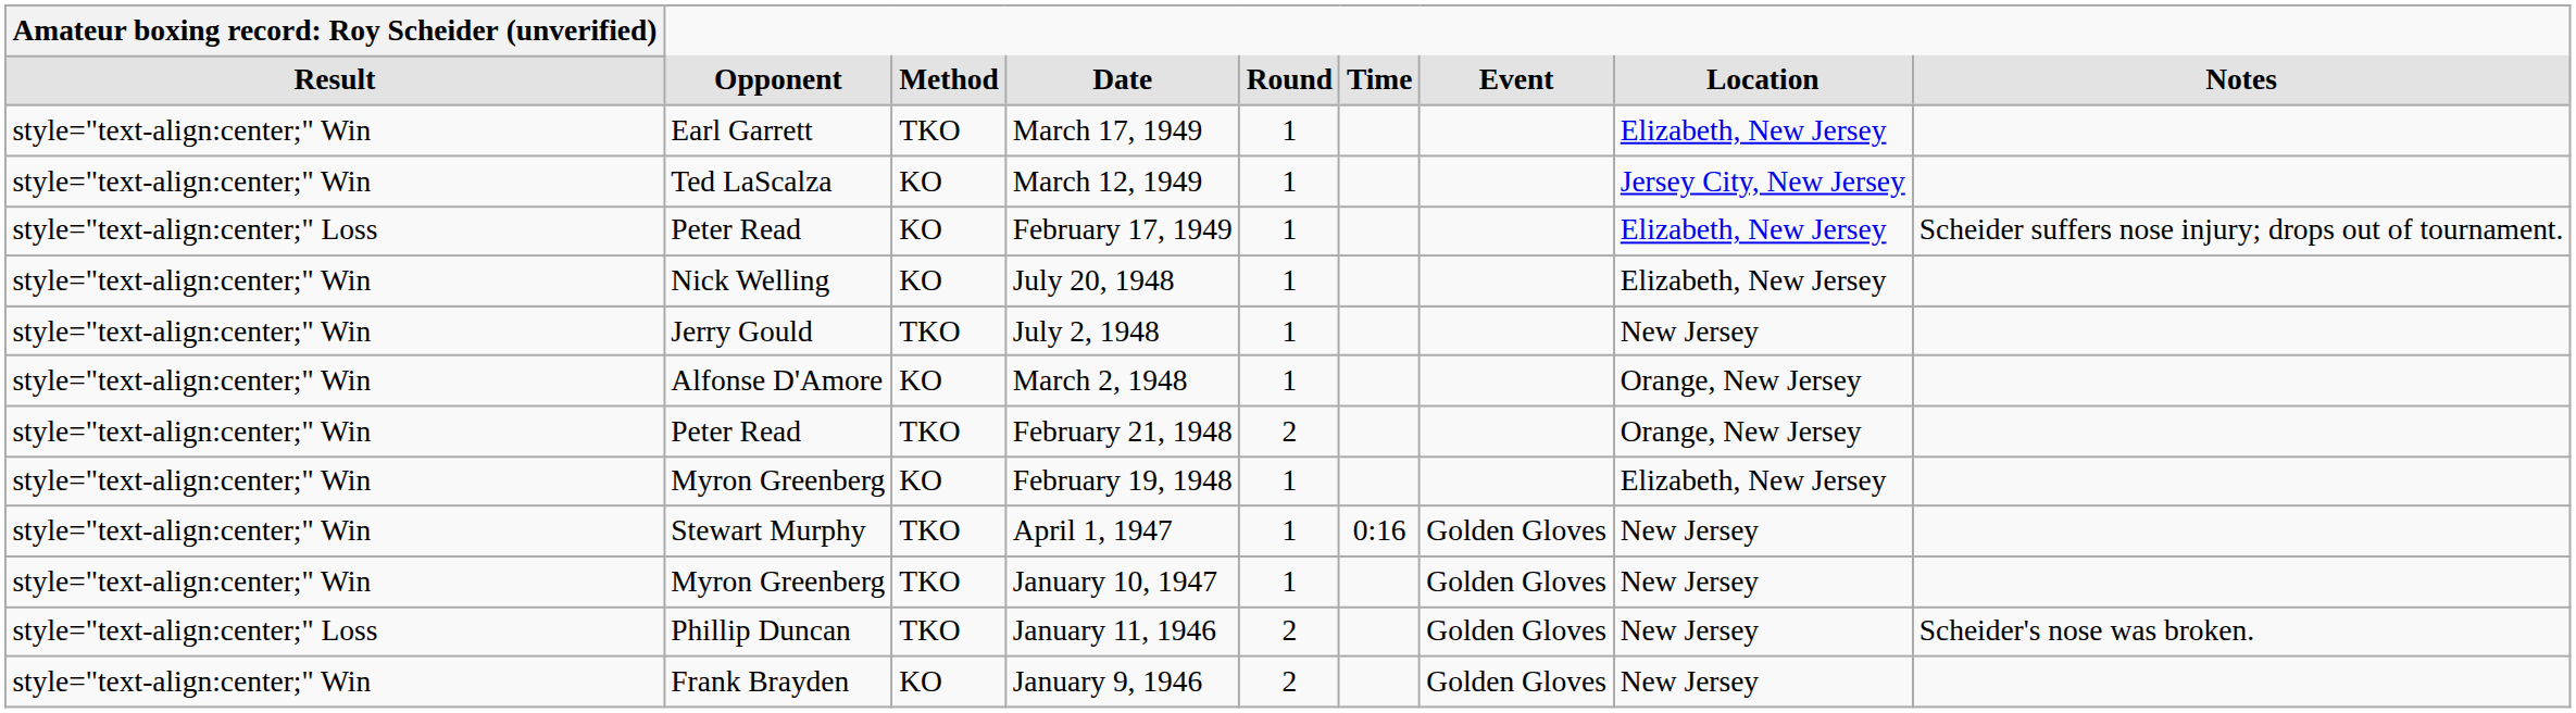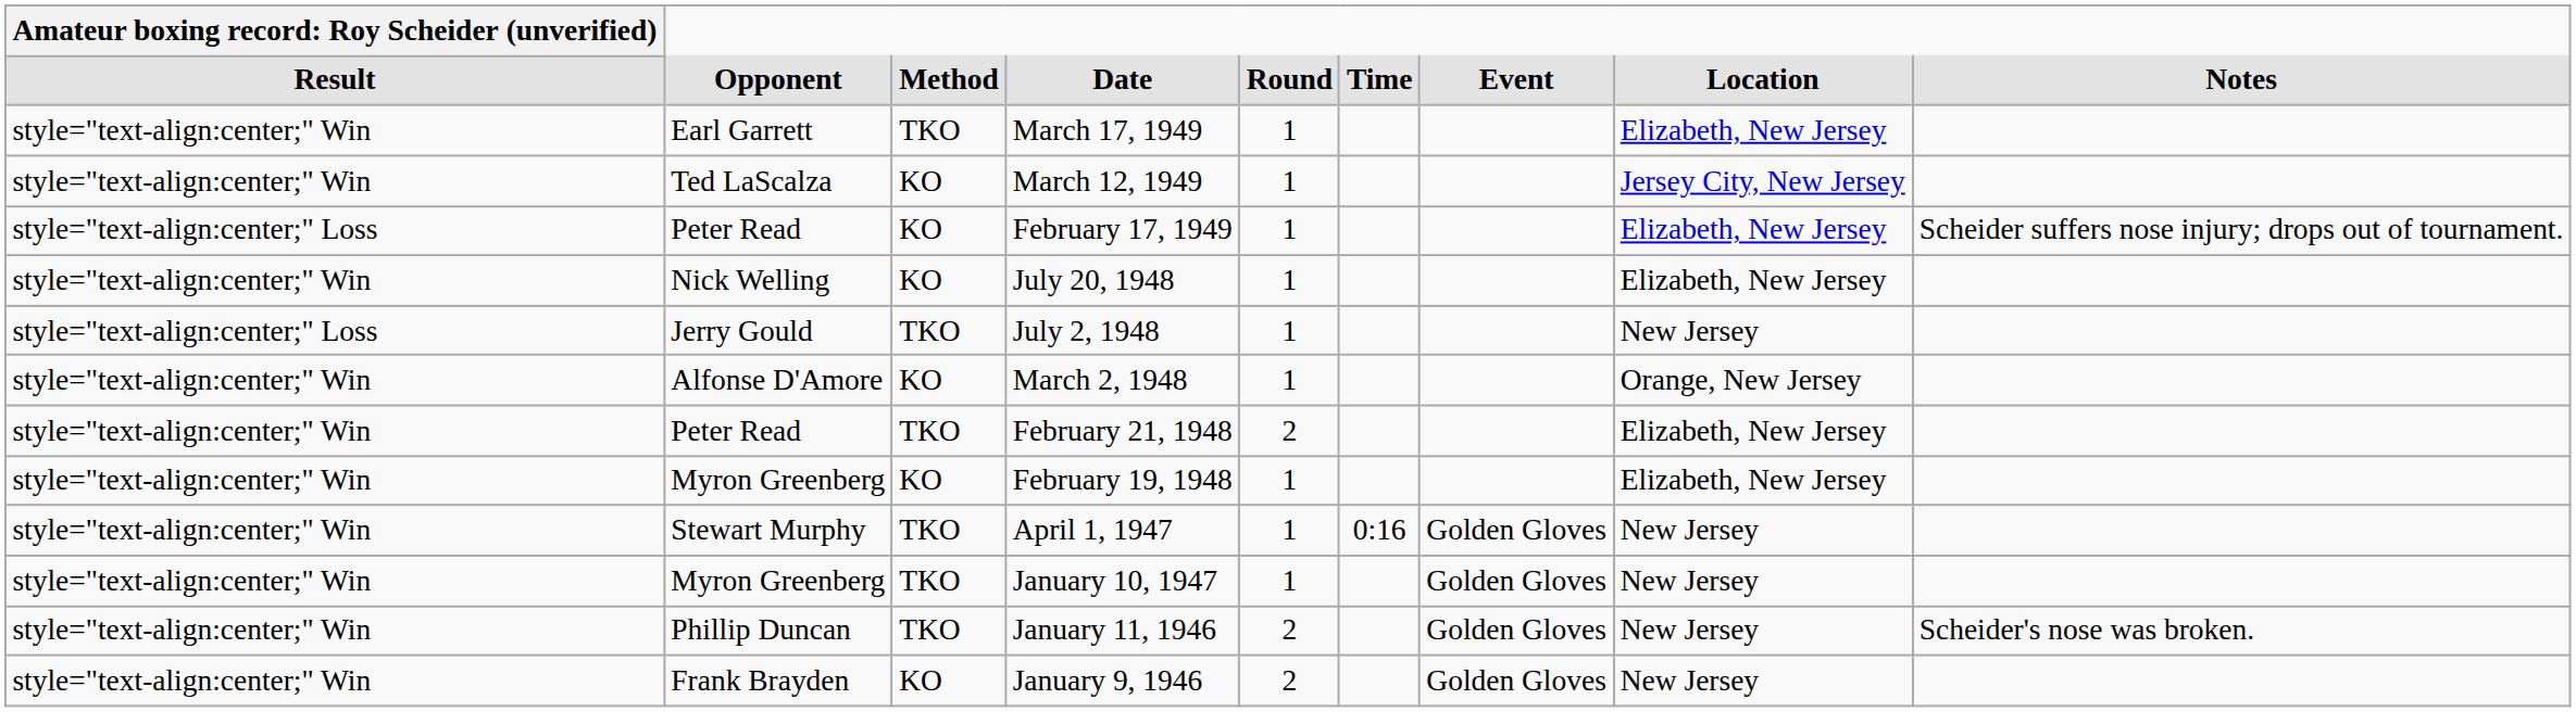 <table class="wikitable sortable collapsible collapsed" style="font-size:88%; text-align:left; white-space:nowrap;">
 <tr>
 <th><strong>Amateur boxing record: Roy Scheider</strong> (unverified)</th>
 </tr>
 <tr style="margin:0.5em auto; font-size:100%;">
 <th style="border-style:none none solid solid; background:#e3e3e3;">Result</th>
 <th style="border-style:none none solid solid; background:#e3e3e3;">Opponent</th>
 <th style="border-style:none none solid solid; background:#e3e3e3;">Method</th>
 <th style="border-style:none none solid solid; background:#e3e3e3;">Date</th>
 <th style="border-style:none none solid solid; background:#e3e3e3;">Round</th>
 <th style="border-style:none none solid solid; background:#e3e3e3;">Time</th>
 <th style="border-style:none none solid solid; background:#e3e3e3;">Event</th>
 <th style="border-style:none none solid solid; background:#e3e3e3;">Location</th>
 <th style="border-style:none none solid solid; background:#e3e3e3;">Notes</th>
 </tr>
 <tr>
 <td>style="text-align:center;" Win</td>
 <td align='left'> Earl Garrett</td>
 <td align='left'>TKO</td>
 <td align='left'>March 17, 1949</td>
 <td style="text-align:center;">1</td>
 <td style="text-align:center;"></td>
 <td align='left'></td>
 <td><a href='#'>Elizabeth, New Jersey</a></td>
 <td></td>
 </tr>
 <tr>
 <td>style="text-align:center;" Win</td>
 <td align='left'> Ted LaScalza</td>
 <td align='left'>KO</td>
 <td align='left'>March 12, 1949</td>
 <td style="text-align:center;">1</td>
 <td style="text-align:center;"></td>
 <td align='left'></td>
 <td><a href='#'>Jersey City, New Jersey</a></td>
 <td></td>
 </tr>
 <tr>
 <td>style="text-align:center;" Loss</td>
 <td align='left'> Peter Read</td>
 <td align='left'>KO</td>
 <td align='left'>February 17, 1949</td>
 <td style="text-align:center;">1</td>
 <td style="text-align:center;"></td>
 <td align='left'></td>
 <td><a href='#'>Elizabeth, New Jersey</a></td>
 <td>Scheider suffers nose injury; drops out of tournament.</td>
 </tr>
 <tr>
 <td>style="text-align:center;" Win</td>
 <td align='left'> Nick Welling</td>
 <td align='left'>KO</td>
 <td align='left'>July 20, 1948</td>
 <td style="text-align:center;">1</td>
 <td style="text-align:center;"></td>
 <td align='left'></td>
 <td>Elizabeth, New Jersey</td>
 <td></td>
 </tr>
 <tr>
-<td>style="text-align:center;" Win</td>
+<td>style="text-align:center;" Loss</td>
 <td align='left'> Jerry Gould</td>
 <td align='left'>TKO</td>
 <td align='left'>July 2, 1948</td>
 <td style="text-align:center;">1</td>
 <td style="text-align:center;"></td>
 <td align='left'></td>
 <td>New Jersey</td>
 <td></td>
 </tr>
 <tr>
 <td>style="text-align:center;" Win</td>
 <td align='left'> Alfonse D'Amore</td>
 <td align='left'>KO</td>
 <td align='left'>March 2, 1948</td>
 <td style="text-align:center;">1</td>
 <td style="text-align:center;"></td>
 <td align='left'></td>
 <td>Orange, New Jersey</td>
 <td></td>
 </tr>
 <tr>
 <td>style="text-align:center;" Win</td>
 <td align='left'> Peter Read</td>
 <td align='left'>TKO</td>
 <td align='left'>February 21, 1948</td>
 <td style="text-align:center;">2</td>
 <td style="text-align:center;"></td>
 <td align='left'></td>
-<td>Orange, New Jersey</td>
+<td>Elizabeth, New Jersey</td>
 <td></td>
 </tr>
 <tr>
 <td>style="text-align:center;" Win</td>
 <td align='left'> Myron Greenberg</td>
 <td align='left'>KO</td>
 <td align='left'>February 19, 1948</td>
 <td style="text-align:center;">1</td>
 <td style="text-align:center;"></td>
 <td align='left'></td>
 <td>Elizabeth, New Jersey</td>
 <td></td>
 </tr>
 <tr>
 <td>style="text-align:center;" Win</td>
 <td align='left'> Stewart Murphy</td>
 <td align='left'>TKO</td>
 <td align='left'>April 1, 1947</td>
 <td style="text-align:center;">1</td>
 <td style="text-align:center;">0:16</td>
 <td align='left'>Golden Gloves</td>
 <td>New Jersey</td>
 <td></td>
 </tr>
 <tr>
 <td>style="text-align:center;" Win</td>
 <td align='left'> Myron Greenberg</td>
 <td align='left'>TKO</td>
 <td align='left'>January 10, 1947</td>
 <td style="text-align:center;">1</td>
 <td style="text-align:center;"></td>
 <td align='left'>Golden Gloves</td>
 <td>New Jersey</td>
 <td></td>
 </tr>
 <tr>
-<td>style="text-align:center;" Loss</td>
+<td>style="text-align:center;" Win</td>
 <td align='left'> Phillip Duncan</td>
 <td align='left'>TKO</td>
 <td align='left'>January 11, 1946</td>
 <td style="text-align:center;">2</td>
 <td style="text-align:center;"></td>
 <td align='left'>Golden Gloves</td>
 <td>New Jersey</td>
 <td>Scheider's nose was broken.</td>
 </tr>
 <tr>
 <td>style="text-align:center;" Win</td>
 <td align='left'> Frank Brayden</td>
 <td align='left'>KO</td>
 <td align='left'>January 9, 1946</td>
 <td style="text-align:center;">2</td>
 <td style="text-align:center;"></td>
 <td align='left'>Golden Gloves</td>
 <td>New Jersey</td>
 <td></td>
 </tr>
 </table>
